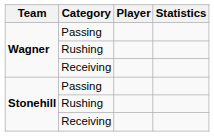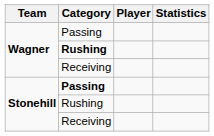 <table class="wikitable" style="float: right;">
 <tr>
 <th>Team</th>
 <th>Category</th>
 <th>Player</th>
 <th>Statistics</th>
 </tr>
 <tr>
 <td rowspan=3><strong>Wagner</strong></td>
 <td>Passing</td>
 <td></td>
 <td></td>
 </tr>
 <tr>
-<td>Rushing</td>
+<td><strong>Rushing</strong></td>
 <td></td>
 <td></td>
 </tr>
 <tr>
 <td>Receiving</td>
 <td></td>
 <td></td>
 </tr>
 <tr>
 <td rowspan=3><strong>Stonehill</strong></td>
-<td>Passing</td>
+<td><strong>Passing</strong></td>
 <td></td>
 <td></td>
 </tr>
 <tr>
 <td>Rushing</td>
 <td></td>
 <td></td>
 </tr>
 <tr>
 <td>Receiving</td>
 <td></td>
 <td></td>
 </tr>
 </table>
